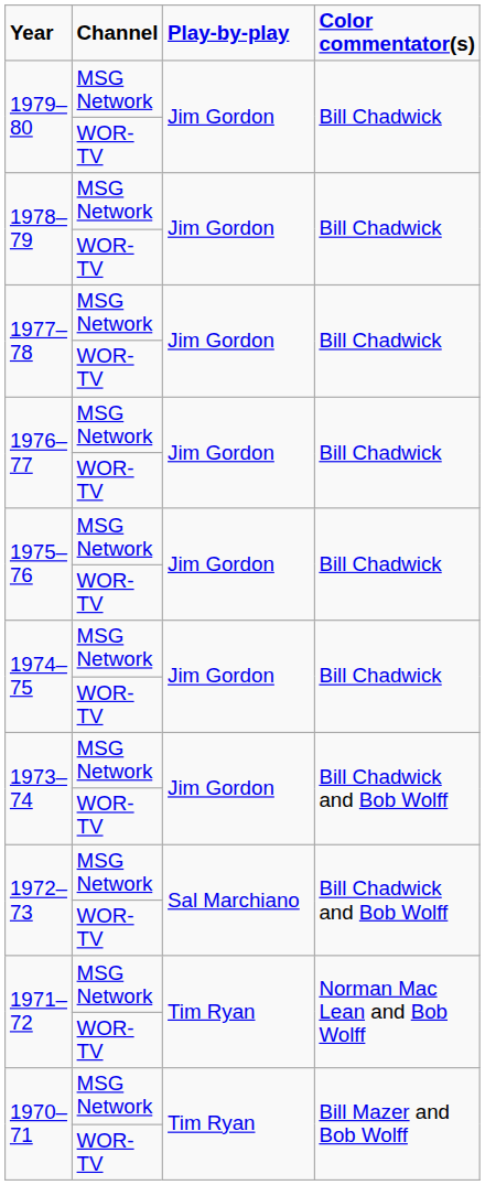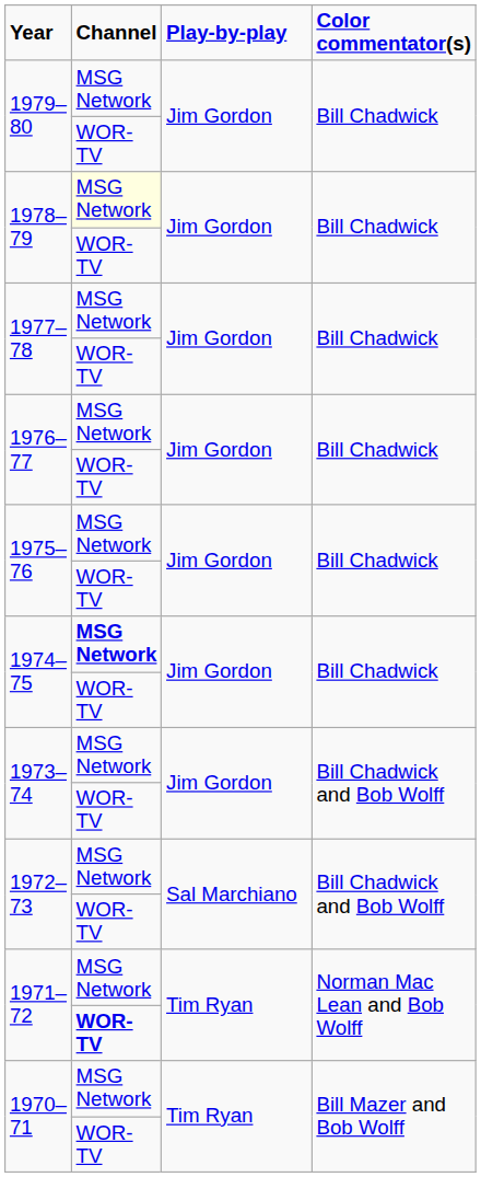 <table class="wikitable">
 <tr>
 <td width="40"><strong>Year</strong></td>
 <td width="40"><strong>Channel</strong></td>
 <td width="110"><strong><a href='#'>Play-by-play</a></strong></td>
 <td width="110"><strong><a href='#'>Color commentator</a>(s)</strong></td>
 </tr>
 <tr>
 <td rowspan="2"><a href='#'>1979–80</a></td>
 <td><a href='#'>MSG Network</a></td>
 <td rowspan="2"><a href='#'>Jim Gordon</a></td>
 <td rowspan="2"><a href='#'>Bill Chadwick</a></td>
 </tr>
 <tr>
 <td><a href='#'>WOR-TV</a></td>
 </tr>
 <tr>
 <td rowspan="2"><a href='#'>1978–79</a></td>
-<td><a href='#'>MSG Network</a></td>
+<td style="background: lightyellow;"><a href='#'>MSG Network</a></td>
 <td rowspan="2"><a href='#'>Jim Gordon</a></td>
 <td rowspan="2"><a href='#'>Bill Chadwick</a></td>
 </tr>
 <tr>
 <td><a href='#'>WOR-TV</a></td>
 </tr>
 <tr>
 <td rowspan="2"><a href='#'>1977–78</a></td>
 <td><a href='#'>MSG Network</a></td>
 <td rowspan="2"><a href='#'>Jim Gordon</a></td>
 <td rowspan="2"><a href='#'>Bill Chadwick</a></td>
 </tr>
 <tr>
 <td><a href='#'>WOR-TV</a></td>
 </tr>
 <tr>
 <td rowspan="2"><a href='#'>1976–77</a></td>
 <td><a href='#'>MSG Network</a></td>
 <td rowspan="2"><a href='#'>Jim Gordon</a></td>
 <td rowspan="2"><a href='#'>Bill Chadwick</a></td>
 </tr>
 <tr>
 <td><a href='#'>WOR-TV</a></td>
 </tr>
 <tr>
 <td rowspan="2"><a href='#'>1975–76</a></td>
 <td><a href='#'>MSG Network</a></td>
 <td rowspan="2"><a href='#'>Jim Gordon</a></td>
 <td rowspan="2"><a href='#'>Bill Chadwick</a></td>
 </tr>
 <tr>
 <td><a href='#'>WOR-TV</a></td>
 </tr>
 <tr>
 <td rowspan="2"><a href='#'>1974–75</a></td>
-<td><a href='#'>MSG Network</a></td>
+<td><strong><a href='#'>MSG Network</a></strong></td>
 <td rowspan="2"><a href='#'>Jim Gordon</a></td>
 <td rowspan="2"><a href='#'>Bill Chadwick</a></td>
 </tr>
 <tr>
 <td><a href='#'>WOR-TV</a></td>
 </tr>
 <tr>
 <td rowspan="2"><a href='#'>1973–74</a></td>
 <td><a href='#'>MSG Network</a></td>
 <td rowspan="2"><a href='#'>Jim Gordon</a></td>
 <td rowspan="2"><a href='#'>Bill Chadwick</a> and <a href='#'>Bob Wolff</a></td>
 </tr>
 <tr>
 <td><a href='#'>WOR-TV</a></td>
 </tr>
 <tr>
 <td rowspan="2"><a href='#'>1972–73</a></td>
 <td><a href='#'>MSG Network</a></td>
 <td rowspan="2"><a href='#'>Sal Marchiano</a></td>
 <td rowspan="2"><a href='#'>Bill Chadwick</a> and <a href='#'>Bob Wolff</a></td>
 </tr>
 <tr>
 <td><a href='#'>WOR-TV</a></td>
 </tr>
 <tr>
 <td rowspan="2"><a href='#'>1971–72</a></td>
 <td><a href='#'>MSG Network</a></td>
 <td rowspan="2"><a href='#'>Tim Ryan</a></td>
 <td rowspan="2"><a href='#'>Norman Mac Lean</a> and <a href='#'>Bob Wolff</a></td>
 </tr>
 <tr>
-<td><a href='#'>WOR-TV</a></td>
+<td><strong><a href='#'>WOR-TV</a></strong></td>
 </tr>
 <tr>
 <td rowspan="2"><a href='#'>1970–71</a></td>
 <td><a href='#'>MSG Network</a></td>
 <td rowspan="2"><a href='#'>Tim Ryan</a></td>
 <td rowspan="2"><a href='#'>Bill Mazer</a> and <a href='#'>Bob Wolff</a></td>
 </tr>
 <tr>
 <td><a href='#'>WOR-TV</a></td>
 </tr>
 </table>
